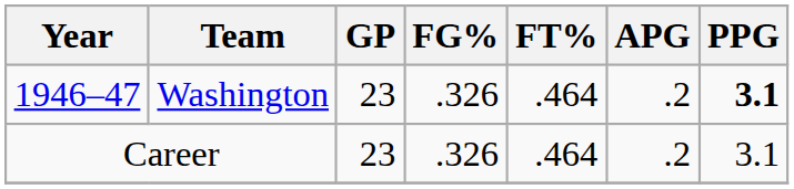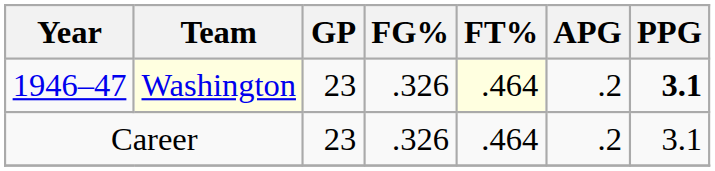 <table class="wikitable sortable" style="font-size:95%; text-align:right;">
 <tr>
 <th>Year</th>
 <th>Team</th>
 <th>GP</th>
 <th>FG%</th>
 <th>FT%</th>
 <th>APG</th>
 <th>PPG</th>
 </tr>
 <tr>
 <td style="text-align:left;"><a href='#'>1946–47</a></td>
-<td style="text-align:left;"><a href='#'>Washington</a></td>
+<td style="background: lightyellow; text-align:left;"><a href='#'>Washington</a></td>
 <td>23</td>
 <td>.326</td>
-<td>.464</td>
+<td style="background: lightyellow;">.464</td>
 <td>.2</td>
 <td><strong>3.1</strong></td>
 </tr>
 <tr>
 <td style="text-align:center;" colspan="2">Career</td>
 <td>23</td>
 <td>.326</td>
 <td>.464</td>
 <td>.2</td>
 <td>3.1</td>
 </tr>
 <tr>
 </tr>
 </table>
